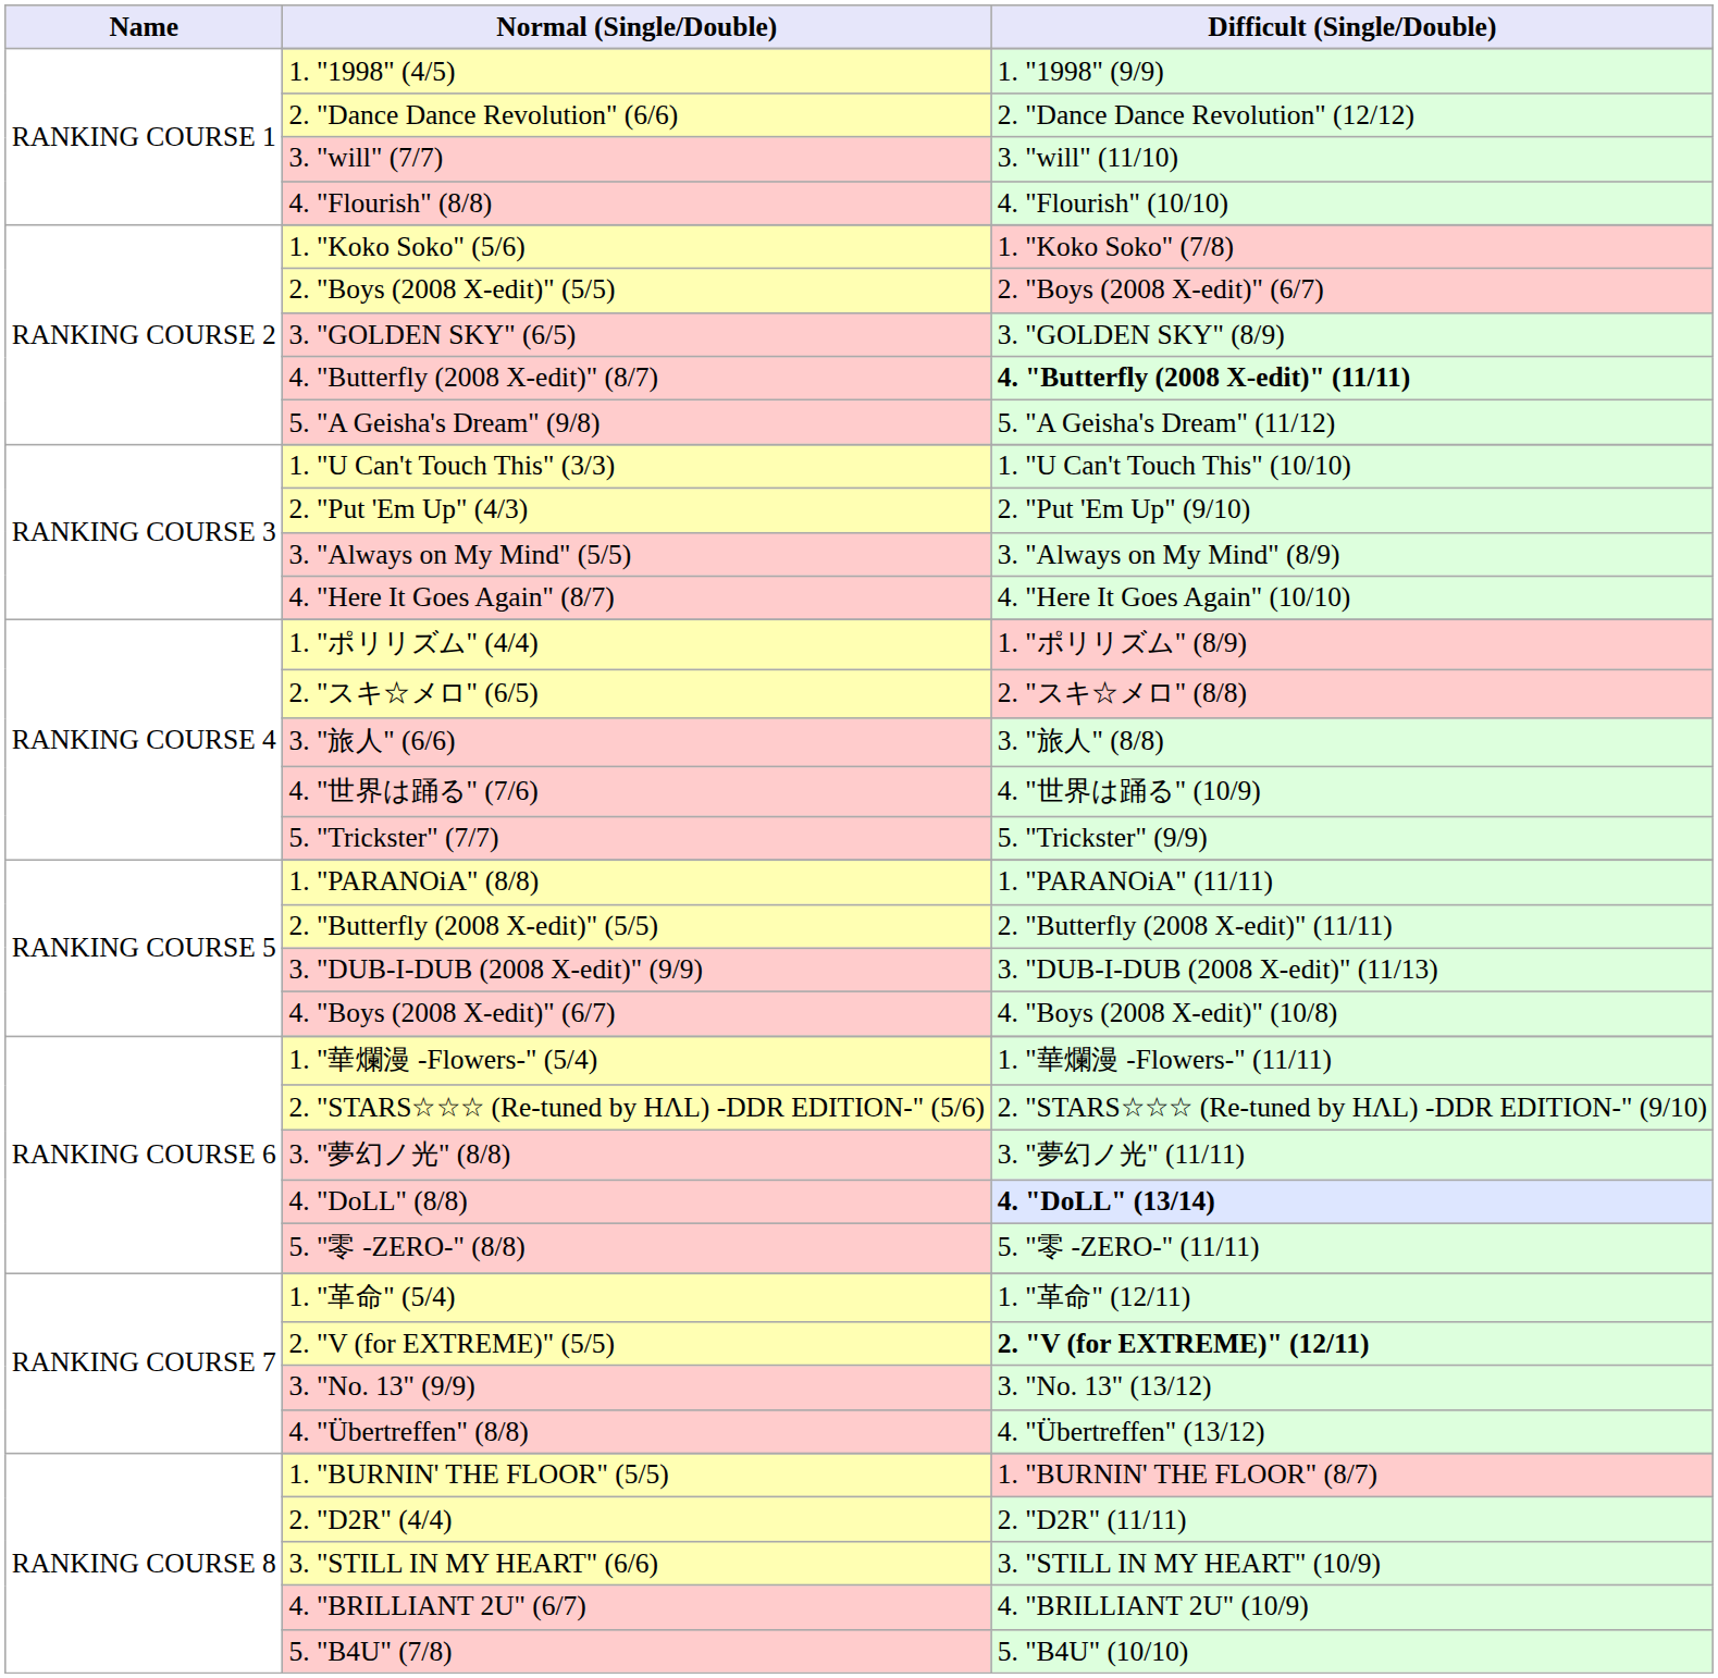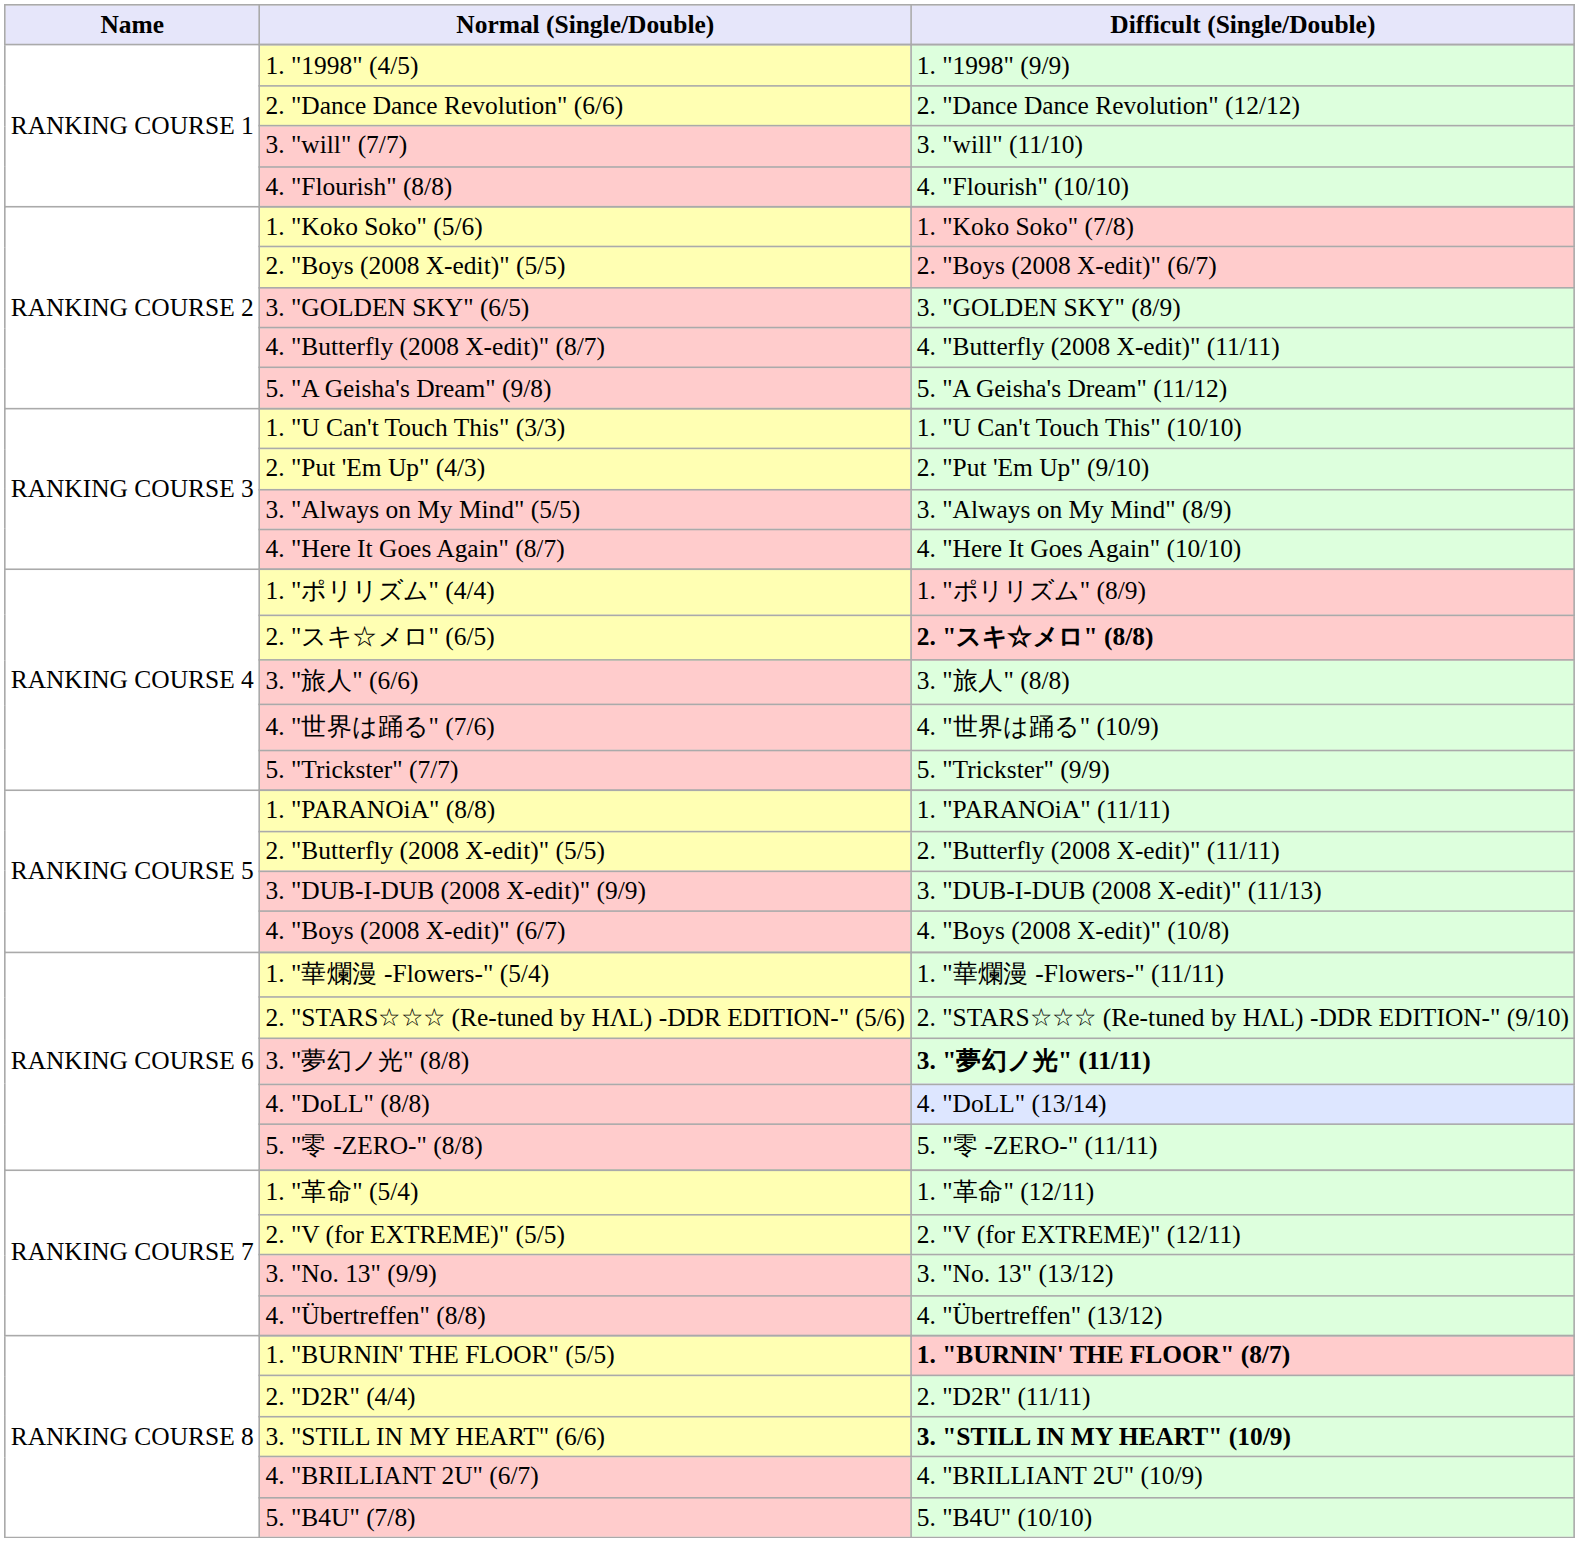 <table class="wikitable" style="font-size:100%;">
 <tr>
 <th style="background:lavender;">Name</th>
 <th style="background:lavender;">Normal (Single/Double)</th>
 <th style="background:lavender;">Difficult (Single/Double)</th>
 </tr>
 <tr>
 <td rowspan="5" style="background:#fff; text-align:center;">RANKING COURSE 1</td>
 </tr>
 <tr>
 <td style="background:#FFFFB3;">1. "1998" (4/5)</td>
 <td style="background:#dfd;">1. "1998" (9/9)</td>
 </tr>
 <tr>
 <td style="background:#FFFFB3;">2. "Dance Dance Revolution" (6/6)</td>
 <td style="background:#dfd;">2. "Dance Dance Revolution" (12/12)</td>
 </tr>
 <tr>
 <td style="background:#fcc;">3. "will" (7/7)</td>
 <td style="background:#dfd;">3. "will" (11/10)</td>
 </tr>
 <tr>
 <td style="background:#fcc;">4. "Flourish" (8/8)</td>
 <td style="background:#dfd;">4. "Flourish" (10/10)</td>
 </tr>
 <tr>
 <td rowspan="6" style="background:#fff; text-align:center;">RANKING COURSE 2</td>
 </tr>
 <tr>
 <td style="background:#FFFFB3;">1. "Koko Soko" (5/6)</td>
 <td style="background:#fcc;">1. "Koko Soko" (7/8)</td>
 </tr>
 <tr>
 <td style="background:#FFFFB3;">2. "Boys (2008 X-edit)" (5/5)</td>
 <td style="background:#fcc;">2. "Boys (2008 X-edit)" (6/7)</td>
 </tr>
 <tr>
 <td style="background:#fcc;">3. "GOLDEN SKY" (6/5)</td>
 <td style="background:#dfd;">3. "GOLDEN SKY" (8/9)</td>
 </tr>
 <tr>
 <td style="background:#fcc;">4. "Butterfly (2008 X-edit)" (8/7)</td>
-<td style="background:#dfd;"><strong>4. "Butterfly (2008 X-edit)" (11/11)</strong></td>
+<td style="background:#dfd;">4. "Butterfly (2008 X-edit)" (11/11)</td>
 </tr>
 <tr>
 <td style="background:#fcc;">5. "A Geisha's Dream" (9/8)</td>
 <td style="background:#dfd;">5. "A Geisha's Dream" (11/12)</td>
 </tr>
 <tr>
 <td rowspan="5" style="background:#fff; text-align:center;">RANKING COURSE 3</td>
 </tr>
 <tr>
 <td style="background:#FFFFB3;">1. "U Can't Touch This" (3/3)</td>
 <td style="background:#dfd;">1. "U Can't Touch This" (10/10)</td>
 </tr>
 <tr>
 <td style="background:#FFFFB3;">2. "Put 'Em Up" (4/3)</td>
 <td style="background:#dfd;">2. "Put 'Em Up" (9/10)</td>
 </tr>
 <tr>
 <td style="background:#fcc;">3. "Always on My Mind" (5/5)</td>
 <td style="background:#dfd;">3. "Always on My Mind" (8/9)</td>
 </tr>
 <tr>
 <td style="background:#fcc;">4. "Here It Goes Again" (8/7)</td>
 <td style="background:#dfd;">4. "Here It Goes Again" (10/10)</td>
 </tr>
 <tr>
 <td rowspan="6" style="background:#fff; text-align:center;">RANKING COURSE 4</td>
 </tr>
 <tr>
 <td style="background:#FFFFB3;">1. "ポリリズム" (4/4)</td>
 <td style="background:#fcc;">1. "ポリリズム" (8/9)</td>
 </tr>
 <tr>
 <td style="background:#FFFFB3;">2. "スキ☆メロ" (6/5)</td>
-<td style="background:#fcc;">2. "スキ☆メロ" (8/8)</td>
+<td style="background:#fcc;"><strong>2. "スキ☆メロ" (8/8)</strong></td>
 </tr>
 <tr>
 <td style="background:#fcc;">3. "旅人" (6/6)</td>
 <td style="background:#dfd;">3. "旅人" (8/8)</td>
 </tr>
 <tr>
 <td style="background:#fcc;">4. "世界は踊る" (7/6)</td>
 <td style="background:#dfd;">4. "世界は踊る" (10/9)</td>
 </tr>
 <tr>
 <td style="background:#fcc;">5. "Trickster" (7/7)</td>
 <td style="background:#dfd;">5. "Trickster" (9/9)</td>
 </tr>
 <tr>
 <td rowspan="5" style="background:#fff; text-align:center;">RANKING COURSE 5</td>
 </tr>
 <tr>
 <td style="background:#FFFFB3;">1. "PARANOiA" (8/8)</td>
 <td style="background:#dfd;">1. "PARANOiA" (11/11)</td>
 </tr>
 <tr>
 <td style="background:#FFFFB3;">2. "Butterfly (2008 X-edit)" (5/5)</td>
 <td style="background:#dfd;">2. "Butterfly (2008 X-edit)" (11/11)</td>
 </tr>
 <tr>
 <td style="background:#fcc;">3. "DUB-I-DUB (2008 X-edit)" (9/9)</td>
 <td style="background:#dfd;">3. "DUB-I-DUB (2008 X-edit)" (11/13)</td>
 </tr>
 <tr>
 <td style="background:#fcc;">4. "Boys (2008 X-edit)" (6/7)</td>
 <td style="background:#dfd;">4. "Boys (2008 X-edit)" (10/8)</td>
 </tr>
 <tr>
 <td rowspan="6" style="background:#fff; text-align:center;">RANKING COURSE 6</td>
 </tr>
 <tr>
 <td style="background:#FFFFB3;">1. "華爛漫 -Flowers-" (5/4)</td>
 <td style="background:#dfd;">1. "華爛漫 -Flowers-" (11/11)</td>
 </tr>
 <tr>
 <td style="background:#FFFFB3;">2. "STARS☆☆☆ (Re-tuned by HΛL) -DDR EDITION-" (5/6)</td>
 <td style="background:#dfd;">2. "STARS☆☆☆ (Re-tuned by HΛL) -DDR EDITION-" (9/10)</td>
 </tr>
 <tr>
 <td style="background:#fcc;">3. "夢幻ノ光" (8/8)</td>
-<td style="background:#dfd;">3. "夢幻ノ光" (11/11)</td>
+<td style="background:#dfd;"><strong>3. "夢幻ノ光" (11/11)</strong></td>
 </tr>
 <tr>
 <td style="background:#fcc;">4. "DoLL" (8/8)</td>
-<td style="background:#DDE6FF;"><strong>4. "DoLL" (13/14)</strong></td>
+<td style="background:#DDE6FF;">4. "DoLL" (13/14)</td>
 </tr>
 <tr>
 <td style="background:#fcc;">5. "零 -ZERO-" (8/8)</td>
 <td style="background:#dfd;">5. "零 -ZERO-" (11/11)</td>
 </tr>
 <tr>
 <td rowspan="5" style="background:#fff; text-align:center;">RANKING COURSE 7</td>
 </tr>
 <tr>
 <td style="background:#FFFFB3;">1. "革命" (5/4)</td>
 <td style="background:#dfd;">1. "革命" (12/11)</td>
 </tr>
 <tr>
 <td style="background:#FFFFB3;">2. "V (for EXTREME)" (5/5)</td>
-<td style="background:#dfd;"><strong>2. "V (for EXTREME)" (12/11)</strong></td>
+<td style="background:#dfd;">2. "V (for EXTREME)" (12/11)</td>
 </tr>
 <tr>
 <td style="background:#fcc;">3. "No. 13" (9/9)</td>
 <td style="background:#dfd;">3. "No. 13" (13/12)</td>
 </tr>
 <tr>
 <td style="background:#fcc;">4. "Übertreffen" (8/8)</td>
 <td style="background:#dfd;">4. "Übertreffen" (13/12)</td>
 </tr>
 <tr>
 <td rowspan="6" style="background:#fff; text-align:center;">RANKING COURSE 8</td>
 </tr>
 <tr>
 <td style="background:#FFFFB3;">1. "BURNIN' THE FLOOR" (5/5)</td>
-<td style="background:#fcc;">1. "BURNIN' THE FLOOR" (8/7)</td>
+<td style="background:#fcc;"><strong>1. "BURNIN' THE FLOOR" (8/7)</strong></td>
 </tr>
 <tr>
 <td style="background:#FFFFB3;">2. "D2R" (4/4)</td>
 <td style="background:#dfd;">2. "D2R" (11/11)</td>
 </tr>
 <tr>
 <td style="background:#FFFFB3;">3. "STILL IN MY HEART" (6/6)</td>
-<td style="background:#dfd;">3. "STILL IN MY HEART" (10/9)</td>
+<td style="background:#dfd;"><strong>3. "STILL IN MY HEART" (10/9)</strong></td>
 </tr>
 <tr>
 <td style="background:#fcc;">4. "BRILLIANT 2U" (6/7)</td>
 <td style="background:#dfd;">4. "BRILLIANT 2U" (10/9)</td>
 </tr>
 <tr>
 <td style="background:#fcc;">5. "B4U" (7/8)</td>
 <td style="background:#dfd;">5. "B4U" (10/10)</td>
 </tr>
 </table>
